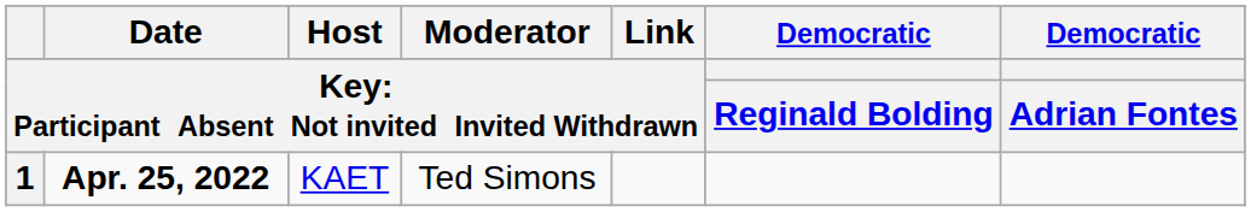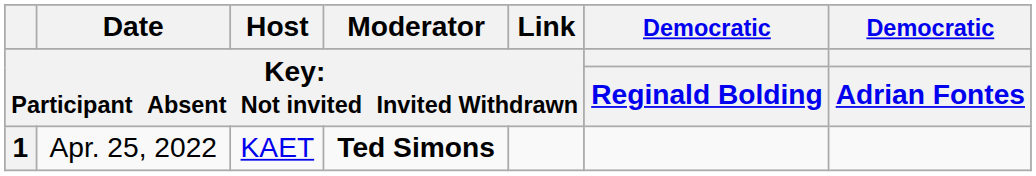 <table class="wikitable" style="text-align:center;">
 <tr>
 <th scope="col"></th>
 <th scope="col">Date</th>
 <th scope="col">Host</th>
 <th scope="col">Moderator</th>
 <th scope="col">Link</th>
 <th scope="col"><small><a href='#'>Democratic</a></small></th>
 <th scope="col"><small><a href='#'>Democratic</a></small></th>
 </tr>
 <tr>
 <th colspan="5" rowspan="2">Key:<br> <small>Participant </small>  <small>Absent </small>  <small>Not invited </small>  <small>Invited  Withdrawn</small></th>
 <th scope="col" style="background:"></th>
 <th scope="col" style="background:"></th>
 </tr>
 <tr>
 <th scope="col"><a href='#'>Reginald Bolding</a></th>
 <th scope="col"><a href='#'>Adrian Fontes</a></th>
 </tr>
 <tr>
 <th>1</th>
-<td style="white-space:nowrap;"><strong>Apr. 25, 2022</strong></td>
+<td style="white-space:nowrap;">Apr. 25, 2022</td>
 <td style="white-space:nowrap;"><a href='#'>KAET</a></td>
-<td style="white-space:nowrap;">Ted Simons</td>
+<td style="white-space:nowrap;"><strong>Ted Simons</strong></td>
 <td style="white-space:nowrap;"></td>
 <td></td>
 <td></td>
 </tr>
 </table>
